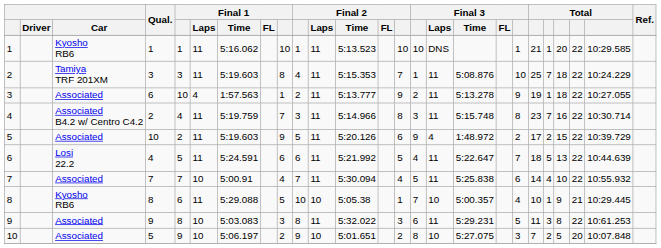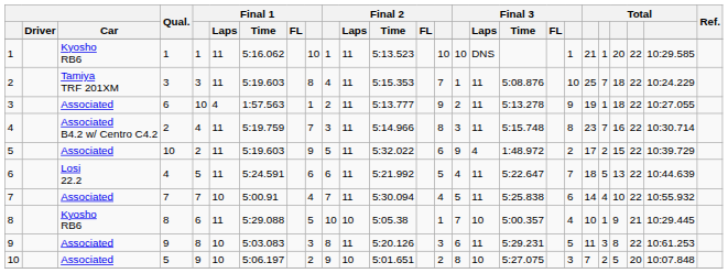 <table class="wikitable" style="font-size:85%;">
 <tr>
 <th colspan="3"></th>
 <th rowspan="2" style="text-align:center;">Qual.</th>
 <th colspan="5" style="text-align:center;">Final 1</th>
 <th colspan="5" style="text-align:center;">Final 2</th>
 <th colspan="5" style="text-align:center;">Final 3</th>
 <th colspan="5" style="text-align:center;">Total</th>
 <th rowspan="2" style="text-align:center;">Ref.</th>
 </tr>
 <tr>
 <th style="text-align:center;"></th>
 <th style="text-align:center;">Driver</th>
 <th style="text-align:center;">Car</th>
 <th style="text-align:center;"></th>
 <th style="text-align:center;">Laps</th>
 <th style="text-align:center;">Time</th>
 <th style="text-align:center;">FL</th>
 <th style="text-align:center;"></th>
 <th style="text-align:center;"></th>
 <th style="text-align:center;">Laps</th>
 <th style="text-align:center;">Time</th>
 <th style="text-align:center;">FL</th>
 <th style="text-align:center;"></th>
 <th style="text-align:center;"></th>
 <th style="text-align:center;">Laps</th>
 <th style="text-align:center;">Time</th>
 <th style="text-align:center;">FL</th>
 <th style="text-align:center;"></th>
 <th style="text-align:center;"></th>
 <th style="text-align:center;"></th>
 <th style="text-align:center;"></th>
 <th style="text-align:center;"></th>
 <th style="text-align:center;"></th>
 </tr>
 <tr>
 </tr>
 <tr>
 <td>1</td>
 <td></td>
 <td><a href='#'>Kyosho</a><br> RB6</td>
 <td>1</td>
 <td>1</td>
 <td>11</td>
 <td>5:16.062</td>
 <td></td>
 <td>10</td>
 <td>1</td>
 <td>11</td>
 <td>5:13.523</td>
 <td></td>
 <td>10</td>
 <td>10</td>
 <td>DNS</td>
 <td></td>
 <td></td>
 <td>1</td>
 <td>21</td>
 <td>1</td>
 <td>20</td>
 <td>22</td>
 <td>10:29.585</td>
 <td><br>  </td>
 </tr>
 <tr>
 <td>2</td>
 <td></td>
 <td><a href='#'>Tamiya</a><br> TRF 201XM</td>
 <td>3</td>
 <td>3</td>
 <td>11</td>
 <td>5:19.603</td>
 <td></td>
 <td>8</td>
 <td>4</td>
 <td>11</td>
 <td>5:15.353</td>
 <td></td>
 <td>7</td>
 <td>1</td>
 <td>11</td>
 <td>5:08.876</td>
 <td></td>
 <td>10</td>
 <td>25</td>
 <td>7</td>
 <td>18</td>
 <td>22</td>
 <td>10:24.229</td>
 <td></td>
 </tr>
 <tr>
 <td>3</td>
 <td></td>
 <td><a href='#'>Associated</a></td>
 <td>6</td>
 <td>10</td>
 <td>4</td>
 <td>1:57.563</td>
 <td></td>
 <td>1</td>
 <td>2</td>
 <td>11</td>
 <td>5:13.777</td>
 <td></td>
 <td>9</td>
 <td>2</td>
 <td>11</td>
 <td>5:13.278</td>
 <td></td>
 <td>9</td>
 <td>19</td>
 <td>1</td>
 <td>18</td>
 <td>22</td>
 <td>10:27.055</td>
 <td></td>
 </tr>
 <tr>
 <td>4</td>
 <td></td>
 <td><a href='#'>Associated</a><br> B4.2 w/ Centro C4.2</td>
 <td>2</td>
 <td>4</td>
 <td>11</td>
 <td>5:19.759</td>
 <td></td>
 <td>7</td>
 <td>3</td>
 <td>11</td>
 <td>5:14.966</td>
 <td></td>
 <td>8</td>
 <td>3</td>
 <td>11</td>
 <td>5:15.748</td>
 <td></td>
 <td>8</td>
 <td>23</td>
 <td>7</td>
 <td>16</td>
 <td>22</td>
 <td>10:30.714</td>
 <td></td>
 </tr>
 <tr>
 <td>5</td>
 <td></td>
 <td><a href='#'>Associated</a></td>
 <td>10</td>
 <td>2</td>
 <td>11</td>
 <td>5:19.603</td>
 <td></td>
 <td>9</td>
 <td>5</td>
 <td>11</td>
-<td>5:20.126</td>
+<td>5:32.022</td>
 <td></td>
 <td>6</td>
 <td>9</td>
 <td>4</td>
 <td>1:48.972</td>
 <td></td>
 <td>2</td>
 <td>17</td>
 <td>2</td>
 <td>15</td>
 <td>22</td>
 <td>10:39.729</td>
 <td></td>
 </tr>
 <tr>
 <td>6</td>
 <td></td>
 <td><a href='#'>Losi</a><br> 22.2</td>
 <td>4</td>
 <td>5</td>
 <td>11</td>
 <td>5:24.591</td>
 <td></td>
 <td>6</td>
 <td>6</td>
 <td>11</td>
 <td>5:21.992</td>
 <td></td>
 <td>5</td>
 <td>4</td>
 <td>11</td>
 <td>5:22.647</td>
 <td></td>
 <td>7</td>
 <td>18</td>
 <td>5</td>
 <td>13</td>
 <td>22</td>
 <td>10:44.639</td>
 <td></td>
 </tr>
 <tr>
 <td>7</td>
 <td></td>
 <td><a href='#'>Associated</a></td>
 <td>7</td>
 <td>7</td>
 <td>10</td>
 <td>5:00.91</td>
 <td></td>
 <td>4</td>
 <td>7</td>
 <td>11</td>
 <td>5:30.094</td>
 <td></td>
 <td>4</td>
 <td>5</td>
 <td>11</td>
 <td>5:25.838</td>
 <td></td>
 <td>6</td>
 <td>14</td>
 <td>4</td>
 <td>10</td>
 <td>22</td>
 <td>10:55.932</td>
 <td></td>
 </tr>
 <tr>
 <td>8</td>
 <td></td>
 <td><a href='#'>Kyosho</a><br> RB6</td>
 <td>8</td>
 <td>6</td>
 <td>11</td>
 <td>5:29.088</td>
 <td></td>
 <td>5</td>
 <td>10</td>
 <td>10</td>
 <td>5:05.38</td>
 <td></td>
 <td>1</td>
 <td>7</td>
 <td>10</td>
 <td>5:00.357</td>
 <td></td>
 <td>4</td>
 <td>10</td>
 <td>1</td>
 <td>9</td>
 <td>21</td>
 <td>10:29.445</td>
 <td></td>
 </tr>
 <tr>
 <td>9</td>
 <td></td>
 <td><a href='#'>Associated</a></td>
 <td>9</td>
 <td>8</td>
 <td>10</td>
 <td>5:03.083</td>
 <td></td>
 <td>3</td>
 <td>8</td>
 <td>11</td>
-<td>5:32.022</td>
+<td>5:20.126</td>
 <td></td>
 <td>3</td>
 <td>6</td>
 <td>11</td>
 <td>5:29.231</td>
 <td></td>
 <td>5</td>
 <td>11</td>
 <td>3</td>
 <td>8</td>
 <td>22</td>
 <td>10:61.253</td>
 <td></td>
 </tr>
 <tr>
 <td>10</td>
 <td></td>
 <td><a href='#'>Associated</a></td>
 <td>5</td>
 <td>9</td>
 <td>10</td>
 <td>5:06.197</td>
 <td></td>
 <td>2</td>
 <td>9</td>
 <td>10</td>
 <td>5:01.651</td>
 <td></td>
 <td>2</td>
 <td>8</td>
 <td>10</td>
 <td>5:27.075</td>
 <td></td>
 <td>3</td>
 <td>7</td>
 <td>2</td>
 <td>5</td>
 <td>20</td>
 <td>10:07.848</td>
 <td></td>
 </tr>
 <tr>
 </tr>
 </table>
